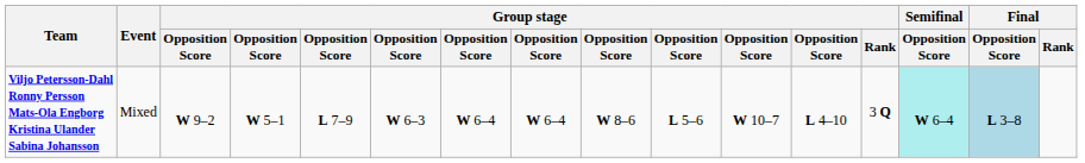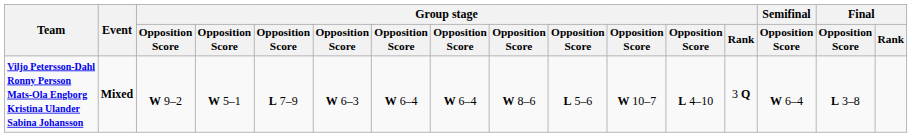 <table class=wikitable style="font-size:90%">
 <tr>
 <th rowspan=2>Team</th>
 <th rowspan=2>Event</th>
 <th colspan=11>Group stage</th>
 <th>Semifinal</th>
 <th colspan=2>Final</th>
 </tr>
 <tr style="font-size:95%">
 <th>Opposition<br>Score</th>
 <th>Opposition<br>Score</th>
 <th>Opposition<br>Score</th>
 <th>Opposition<br>Score</th>
 <th>Opposition<br>Score</th>
 <th>Opposition<br>Score</th>
 <th>Opposition<br>Score</th>
 <th>Opposition<br>Score</th>
 <th>Opposition<br>Score</th>
 <th>Opposition<br>Score</th>
 <th>Rank</th>
 <th>Opposition<br>Score</th>
 <th>Opposition<br>Score</th>
 <th>Rank</th>
 </tr>
 <tr align="center">
 <td align="left"><small><strong><a href='#'>Viljo Petersson-Dahl</a><br><a href='#'>Ronny Persson</a><br><a href='#'>Mats-Ola Engborg</a><br><a href='#'>Kristina Ulander</a><br><a href='#'>Sabina Johansson</a></strong></small></td>
-<td>Mixed</td>
+<td><strong>Mixed</strong></td>
 <td><br><strong>W</strong> 9–2</td>
 <td><br><strong>W</strong> 5–1</td>
 <td><br><strong>L</strong> 7–9</td>
 <td><br><strong>W</strong> 6–3</td>
 <td><br><strong>W</strong> 6–4</td>
 <td><br><strong>W</strong> 6–4</td>
 <td><br><strong>W</strong> 8–6</td>
 <td><br><strong>L</strong> 5–6</td>
 <td><br><strong>W</strong> 10–7</td>
 <td><br><strong>L</strong> 4–10</td>
 <td>3 <strong>Q</strong></td>
-<td style="background: paleturquoise;"><br><strong>W</strong> 6–4</td>
-<td style="background: lightblue;"><br><strong>L</strong> 3–8</td>
+<td><br><strong>W</strong> 6–4</td>
+<td><br><strong>L</strong> 3–8</td>
 <td></td>
 </tr>
 </table>
